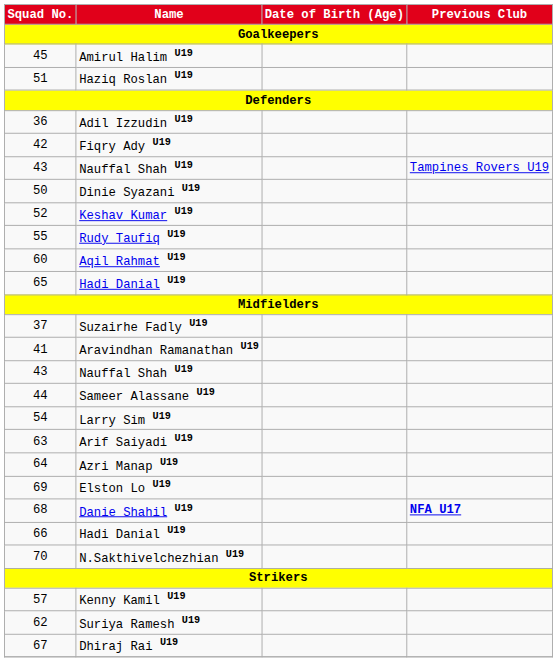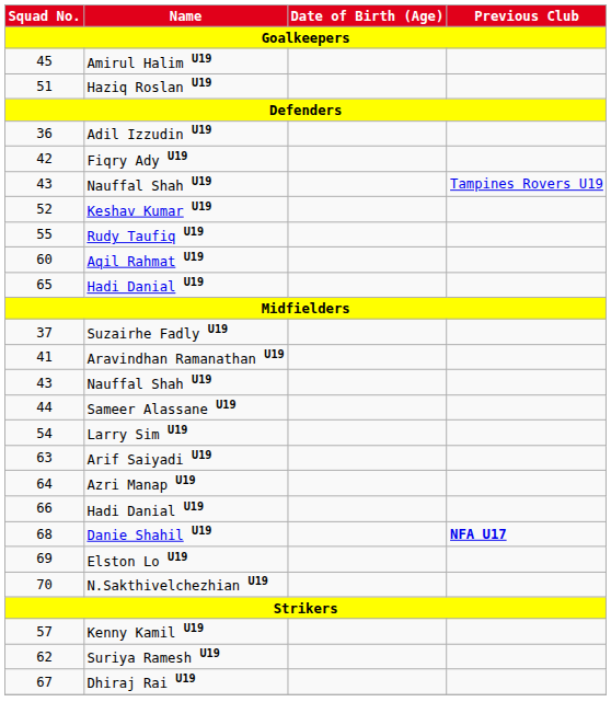 <table class="wikitable" font-size:100%; width:70%;">
 <tr>
 <th style="background:#e1001a; color:white; text-align:center;">Squad No.</th>
 <th style="background:#e1001a; color:white; text-align:center;">Name</th>
 <th style="background:#e1001a; color:white; text-align:center;">Date of Birth (Age)</th>
 <th style="background:#e1001a; color:white; text-align:center;">Previous Club</th>
 </tr>
 <tr>
 <th colspan="4" style="background:yellow; text-align:center">Goalkeepers</th>
 </tr>
 <tr>
 <td style="text-align:center;">45</td>
 <td> Amirul Halim <sup><strong>U19</strong></sup></td>
 <td style="text-align:center;"></td>
 <td></td>
 </tr>
 <tr>
 <td style="text-align:center;">51</td>
 <td> Haziq Roslan <sup><strong>U19</strong></sup></td>
 <td style="text-align:center;"></td>
 <td></td>
 </tr>
 <tr>
 <th colspan="4" style="background:yellow; text-align:center">Defenders</th>
 </tr>
 <tr>
 <td style="text-align:center;">36</td>
 <td> Adil Izzudin <sup><strong>U19</strong></sup></td>
 <td style="text-align:center;"></td>
 <td></td>
 </tr>
 <tr>
 <td style="text-align:center;">42</td>
 <td> Fiqry Ady <sup><strong>U19</strong></sup></td>
 <td style="text-align:center;"></td>
 <td></td>
 </tr>
 <tr>
 <td style="text-align:center;">43</td>
 <td> Nauffal Shah <sup><strong>U19</strong></sup></td>
 <td style="text-align:center;"></td>
 <td> <a href='#'>Tampines Rovers U19</a></td>
-</tr>
-<tr>
-<td style="text-align:center;">50</td>
-<td> Dinie Syazani <sup><strong>U19</strong></sup></td>
-<td style="text-align:center;"></td>
-<td></td>
 </tr>
 <tr>
 <td style="text-align:center;">52</td>
 <td> <a href='#'>Keshav Kumar</a> <sup><strong>U19</strong></sup></td>
 <td style="text-align:center;"></td>
 <td></td>
 </tr>
 <tr>
 <td style="text-align:center;">55</td>
 <td> <a href='#'>Rudy Taufiq</a> <sup><strong>U19</strong></sup></td>
 <td style="text-align:center;"></td>
 <td></td>
 </tr>
 <tr>
 <td style="text-align:center;">60</td>
 <td> <a href='#'>Aqil Rahmat</a> <sup><strong>U19</strong></sup></td>
 <td style="text-align:center;"></td>
 <td></td>
 </tr>
 <tr>
 <td style="text-align:center;">65</td>
 <td> <a href='#'>Hadi Danial</a> <sup><strong>U19</strong></sup></td>
 <td style="text-align:center;"></td>
 <td></td>
 </tr>
 <tr>
 <th colspan="4" style="background:yellow; text-align:center">Midfielders</th>
 </tr>
 <tr>
 <td style="text-align:center;">37</td>
 <td> Suzairhe Fadly <sup><strong>U19</strong></sup></td>
 <td style="text-align:center;"></td>
 <td></td>
 </tr>
 <tr>
 <td style="text-align:center;">41</td>
 <td> Aravindhan Ramanathan <sup><strong>U19</strong></sup></td>
 <td style="text-align:center;"></td>
 <td></td>
 </tr>
 <tr>
 <td style="text-align:center;">43</td>
 <td> Nauffal Shah <sup><strong>U19</strong></sup></td>
 <td style="text-align:center;"></td>
 <td></td>
 </tr>
 <tr>
 <td style="text-align:center;">44</td>
 <td>  Sameer Alassane <sup><strong>U19</strong></sup></td>
 <td style="text-align:center;"></td>
 <td></td>
 </tr>
 <tr>
 <td style="text-align:center;">54</td>
 <td> Larry Sim <sup><strong>U19</strong></sup></td>
 <td style="text-align:center;"></td>
 <td></td>
 </tr>
 <tr>
 <td style="text-align:center;">63</td>
 <td> Arif Saiyadi <sup><strong>U19</strong></sup></td>
 <td style="text-align:center;"></td>
 <td></td>
 </tr>
 <tr>
 <td style="text-align:center;">64</td>
 <td> Azri Manap <sup><strong>U19</strong></sup></td>
 <td style="text-align:center;"></td>
 <td></td>
 </tr>
 <tr>
-<td style="text-align:center;">69</td>
-<td> Elston Lo <sup><strong>U19</strong></sup></td>
+<td style="text-align:center;">66</td>
+<td> Hadi Danial <sup><strong>U19</strong></sup></td>
 <td style="text-align:center;"></td>
 <td></td>
 </tr>
 <tr>
 <td style="text-align:center;">68</td>
 <td> <a href='#'>Danie Shahil</a> <sup><strong>U19</strong></sup></td>
 <td style="text-align:center;"></td>
 <td><strong> <a href='#'>NFA U17</a></strong></td>
 </tr>
 <tr>
-<td style="text-align:center;">66</td>
-<td> Hadi Danial <sup><strong>U19</strong></sup></td>
+<td style="text-align:center;">69</td>
+<td> Elston Lo <sup><strong>U19</strong></sup></td>
 <td style="text-align:center;"></td>
 <td></td>
 </tr>
 <tr>
 <td style="text-align:center;">70</td>
 <td> N.Sakthivelchezhian <sup><strong>U19</strong></sup></td>
 <td style="text-align:center;"></td>
 <td></td>
 </tr>
 <tr>
 <th colspan="4" style="background:yellow; text-align:center">Strikers</th>
 </tr>
 <tr>
 <td style="text-align:center;">57</td>
 <td> Kenny Kamil <sup><strong>U19</strong></sup></td>
 <td style="text-align:center;"></td>
 <td></td>
 </tr>
 <tr>
 <td style="text-align:center;">62</td>
 <td> Suriya Ramesh <sup><strong>U19</strong></sup></td>
 <td style="text-align:center;"></td>
 <td></td>
 </tr>
 <tr>
 <td style="text-align:center;">67</td>
 <td> Dhiraj Rai <sup><strong>U19</strong></sup></td>
 <td style="text-align:center;"></td>
 <td></td>
 </tr>
 <tr>
 </tr>
 </table>
